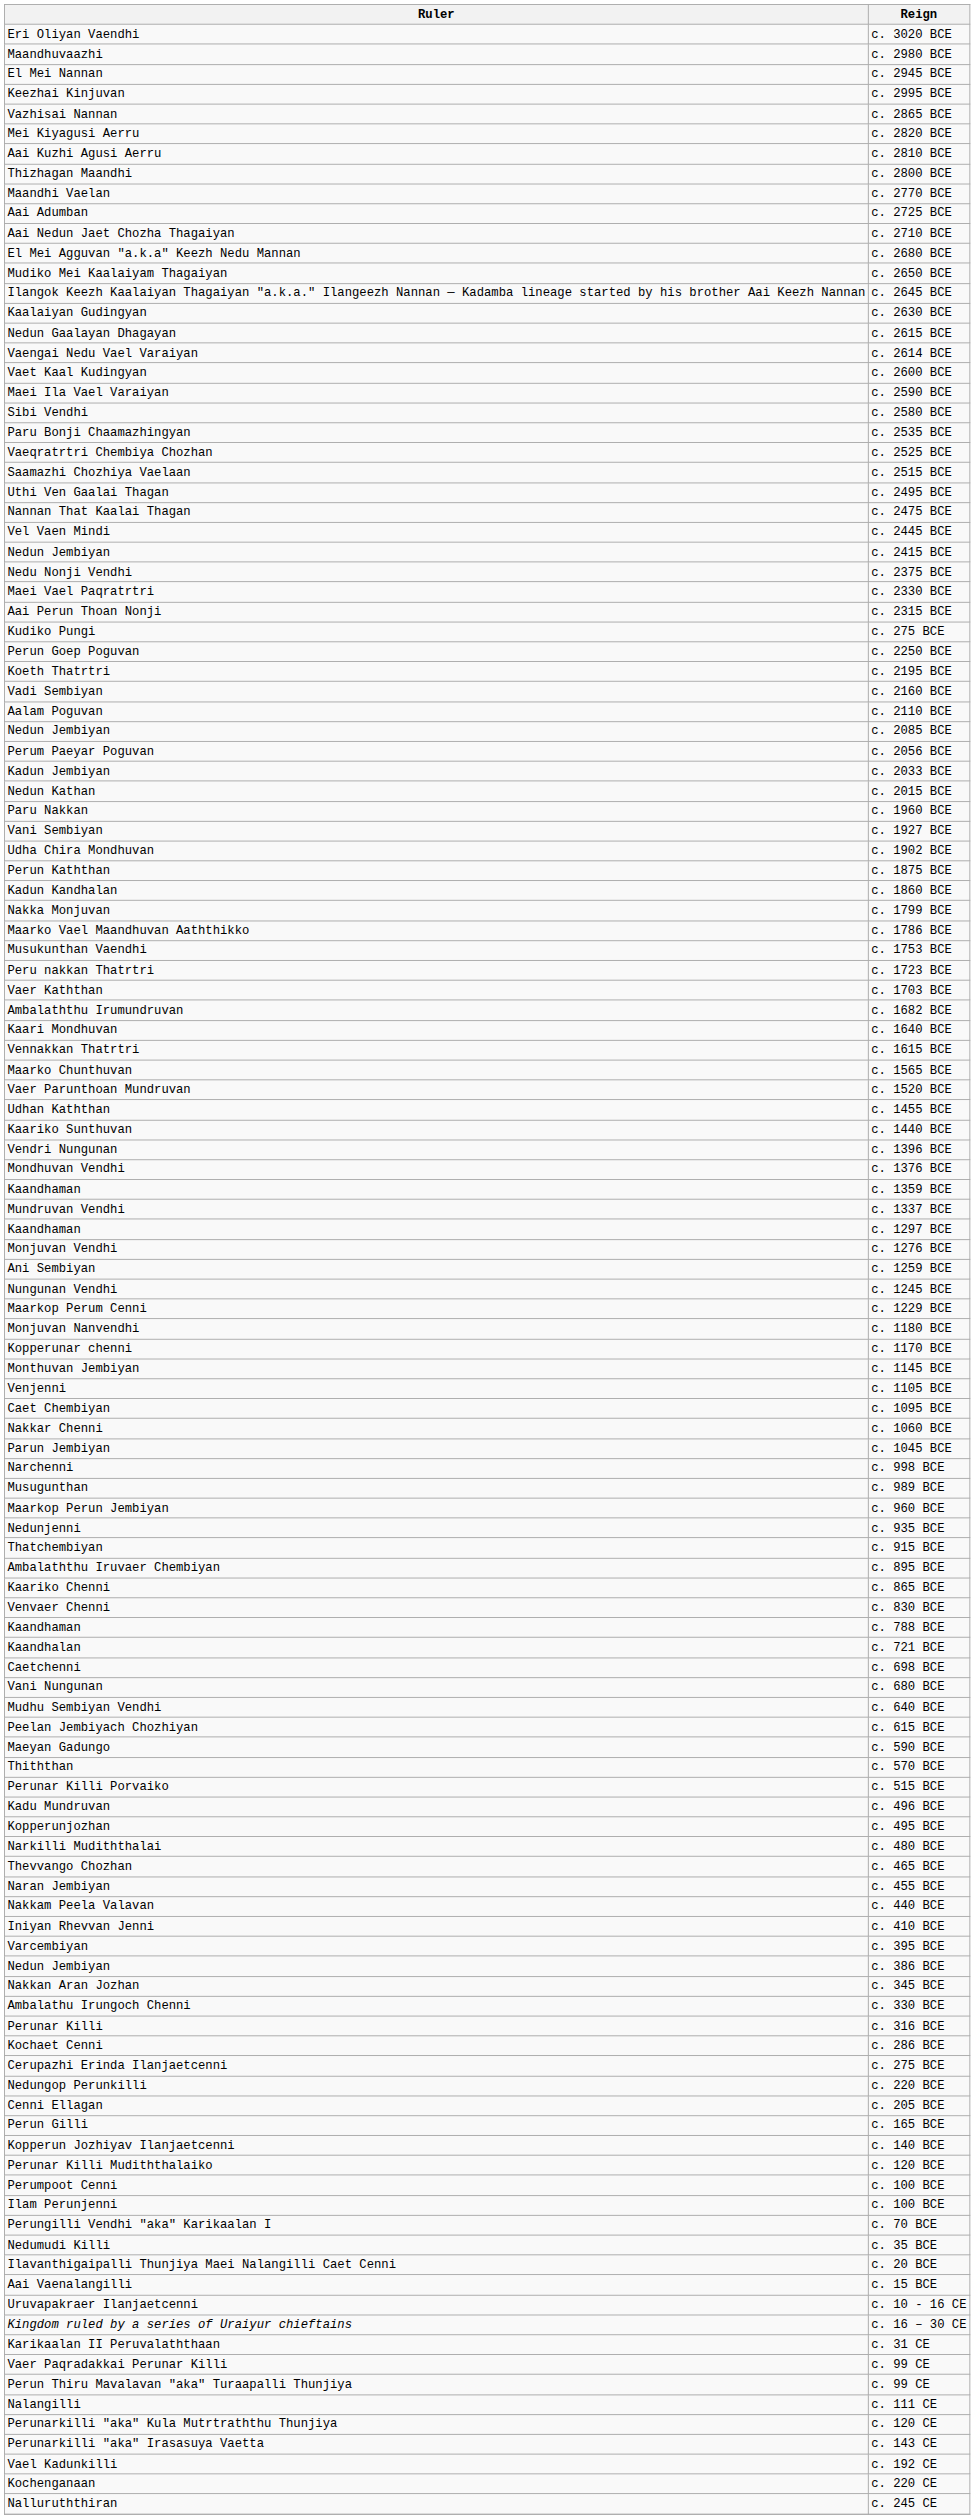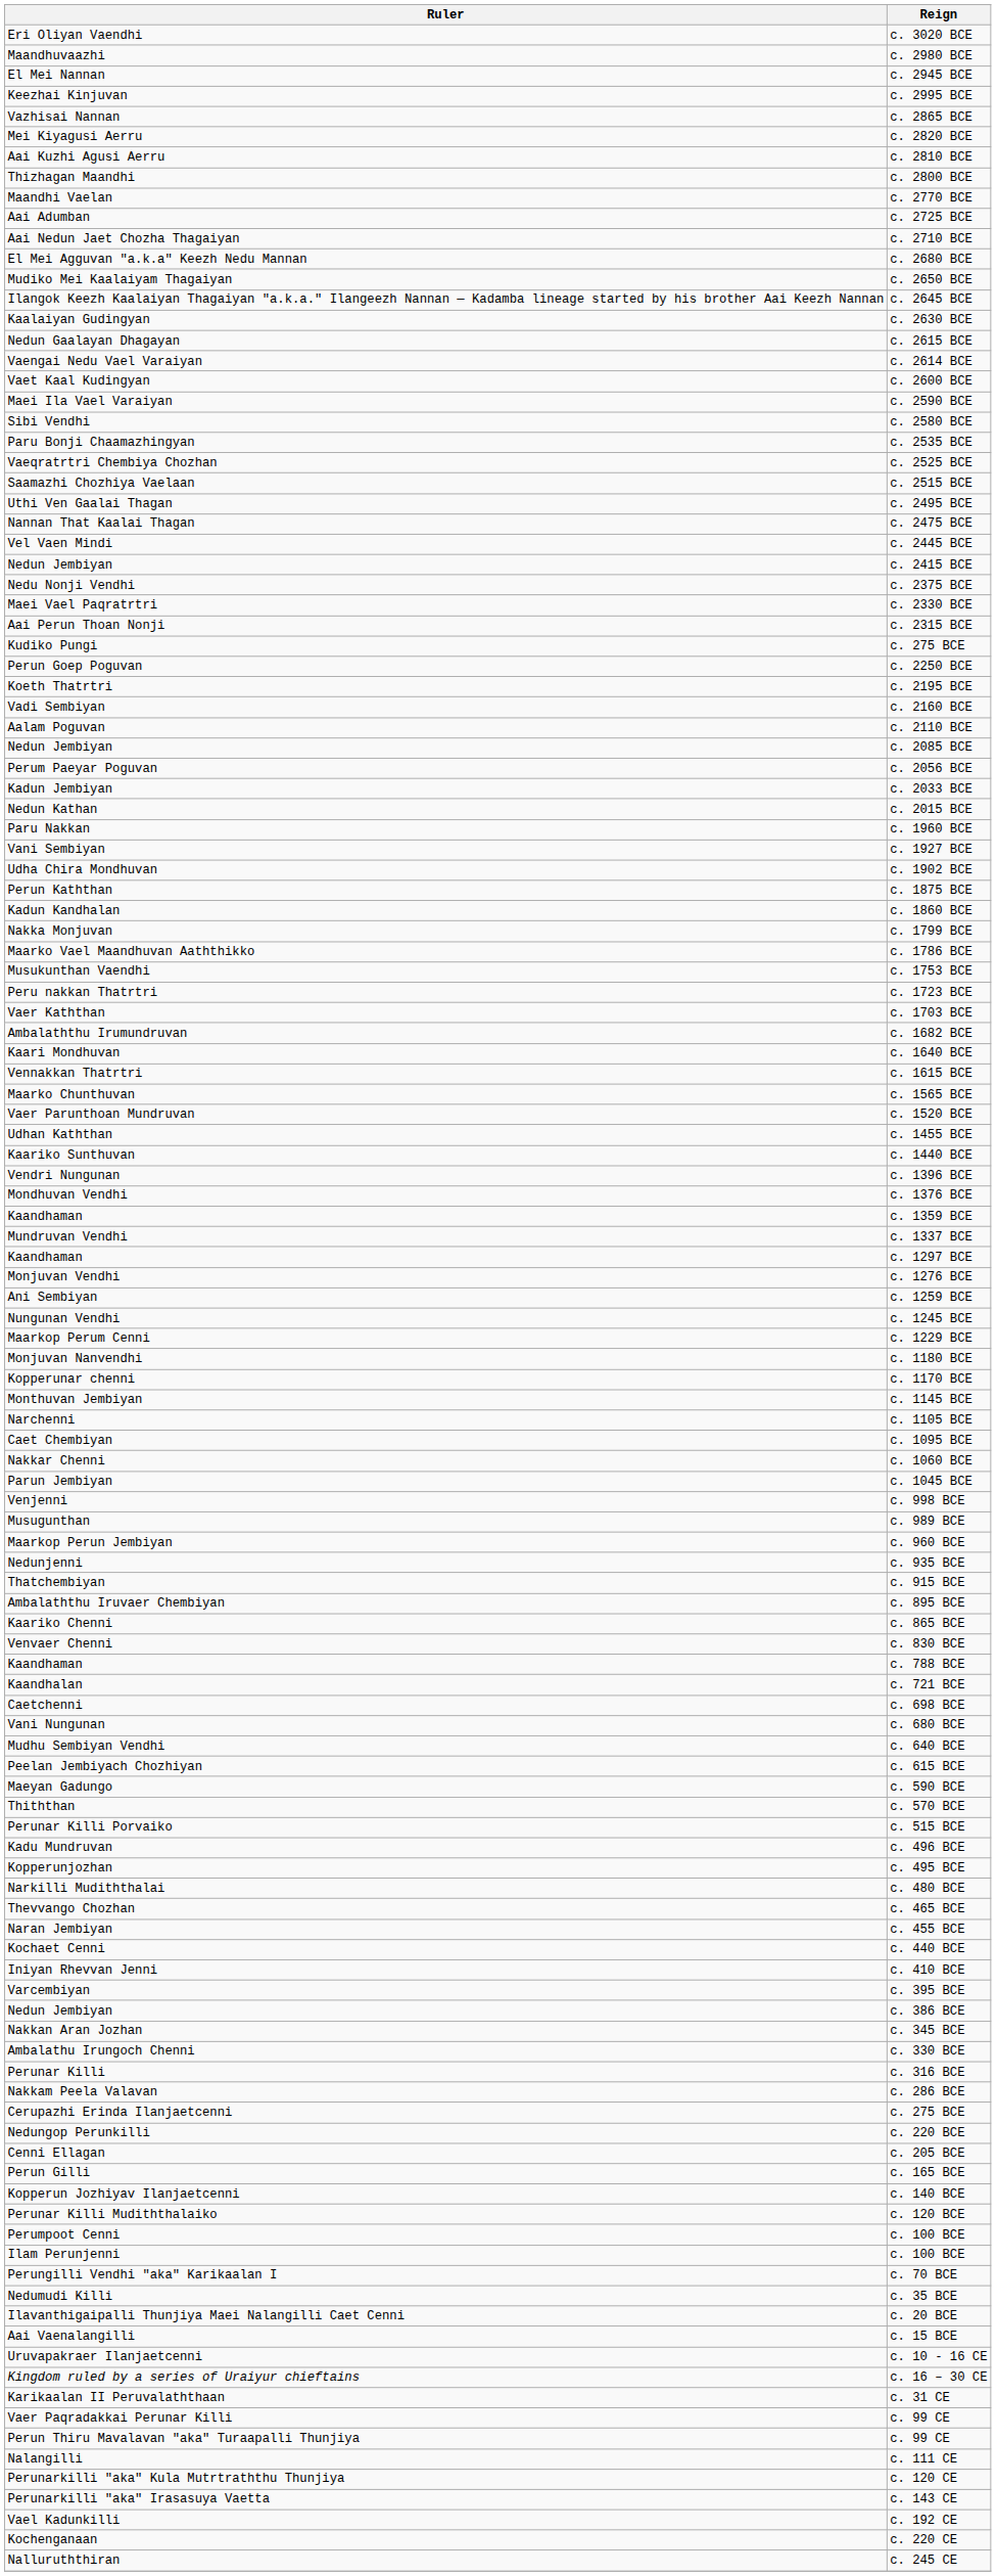 <table class="wikitable">
 <tr>
 <th>Ruler</th>
 <th>Reign</th>
 </tr>
 <tr>
 <td>Eri Oliyan Vaendhi</td>
 <td>c. 3020 BCE</td>
 </tr>
 <tr>
 <td>Maandhuvaazhi</td>
 <td>c. 2980 BCE</td>
 </tr>
 <tr>
 <td>El Mei Nannan</td>
 <td>c. 2945 BCE</td>
 </tr>
 <tr>
 <td>Keezhai Kinjuvan</td>
 <td>c. 2995 BCE</td>
 </tr>
 <tr>
 <td>Vazhisai Nannan</td>
 <td>c. 2865 BCE</td>
 </tr>
 <tr>
 <td>Mei Kiyagusi Aerru</td>
 <td>c. 2820 BCE</td>
 </tr>
 <tr>
 <td>Aai Kuzhi Agusi Aerru</td>
 <td>c. 2810 BCE</td>
 </tr>
 <tr>
 <td>Thizhagan Maandhi</td>
 <td>c. 2800 BCE</td>
 </tr>
 <tr>
 <td>Maandhi Vaelan</td>
 <td>c. 2770 BCE</td>
 </tr>
 <tr>
 <td>Aai Adumban</td>
 <td>c. 2725 BCE</td>
 </tr>
 <tr>
 <td>Aai Nedun Jaet Chozha Thagaiyan</td>
 <td>c. 2710 BCE</td>
 </tr>
 <tr>
 <td>El Mei Agguvan "a.k.a" Keezh Nedu Mannan</td>
 <td>c. 2680 BCE</td>
 </tr>
 <tr>
 <td>Mudiko Mei Kaalaiyam Thagaiyan</td>
 <td>c. 2650 BCE</td>
 </tr>
 <tr>
 <td>Ilangok Keezh Kaalaiyan Thagaiyan "a.k.a." Ilangeezh Nannan — Kadamba lineage started  by his brother Aai Keezh Nannan</td>
 <td>c. 2645 BCE</td>
 </tr>
 <tr>
 <td>Kaalaiyan Gudingyan</td>
 <td>c. 2630 BCE</td>
 </tr>
 <tr>
 <td>Nedun Gaalayan Dhagayan</td>
 <td>c. 2615 BCE</td>
 </tr>
 <tr>
 <td>Vaengai Nedu Vael Varaiyan</td>
 <td>c. 2614 BCE</td>
 </tr>
 <tr>
 <td>Vaet Kaal Kudingyan</td>
 <td>c. 2600 BCE</td>
 </tr>
 <tr>
 <td>Maei Ila Vael Varaiyan</td>
 <td>c. 2590 BCE</td>
 </tr>
 <tr>
 <td>Sibi Vendhi</td>
 <td>c. 2580 BCE</td>
 </tr>
 <tr>
 <td>Paru Bonji Chaamazhingyan</td>
 <td>c. 2535 BCE</td>
 </tr>
 <tr>
 <td>Vaeqratrtri Chembiya Chozhan</td>
 <td>c. 2525 BCE</td>
 </tr>
 <tr>
 <td>Saamazhi Chozhiya Vaelaan</td>
 <td>c. 2515 BCE</td>
 </tr>
 <tr>
 <td>Uthi Ven Gaalai Thagan</td>
 <td>c. 2495 BCE</td>
 </tr>
 <tr>
 <td>Nannan That Kaalai Thagan</td>
 <td>c. 2475 BCE</td>
 </tr>
 <tr>
 <td>Vel Vaen Mindi</td>
 <td>c. 2445 BCE</td>
 </tr>
 <tr>
 <td>Nedun Jembiyan</td>
 <td>c. 2415 BCE</td>
 </tr>
 <tr>
 <td>Nedu Nonji Vendhi</td>
 <td>c. 2375 BCE</td>
 </tr>
 <tr>
 <td>Maei Vael Paqratrtri</td>
 <td>c. 2330 BCE</td>
 </tr>
 <tr>
 <td>Aai Perun Thoan Nonji</td>
 <td>c. 2315 BCE</td>
 </tr>
 <tr>
 <td>Kudiko Pungi</td>
 <td>c. 275 BCE</td>
 </tr>
 <tr>
 <td>Perun Goep Poguvan</td>
 <td>c. 2250 BCE</td>
 </tr>
 <tr>
 <td>Koeth Thatrtri</td>
 <td>c. 2195 BCE</td>
 </tr>
 <tr>
 <td>Vadi Sembiyan</td>
 <td>c. 2160 BCE</td>
 </tr>
 <tr>
 <td>Aalam Poguvan</td>
 <td>c. 2110 BCE</td>
 </tr>
 <tr>
 <td>Nedun Jembiyan</td>
 <td>c. 2085 BCE</td>
 </tr>
 <tr>
 <td>Perum Paeyar Poguvan</td>
 <td>c. 2056 BCE</td>
 </tr>
 <tr>
 <td>Kadun Jembiyan</td>
 <td>c. 2033 BCE</td>
 </tr>
 <tr>
 <td>Nedun Kathan</td>
 <td>c. 2015 BCE</td>
 </tr>
 <tr>
 <td>Paru Nakkan</td>
 <td>c. 1960 BCE</td>
 </tr>
 <tr>
 <td>Vani Sembiyan</td>
 <td>c. 1927 BCE</td>
 </tr>
 <tr>
 <td>Udha Chira Mondhuvan</td>
 <td>c. 1902 BCE</td>
 </tr>
 <tr>
 <td>Perun Kaththan</td>
 <td>c. 1875 BCE</td>
 </tr>
 <tr>
 <td>Kadun Kandhalan</td>
 <td>c. 1860 BCE</td>
 </tr>
 <tr>
 <td>Nakka Monjuvan</td>
 <td>c. 1799 BCE</td>
 </tr>
 <tr>
 <td>Maarko Vael Maandhuvan Aaththikko</td>
 <td>c. 1786 BCE</td>
 </tr>
 <tr>
 <td>Musukunthan Vaendhi</td>
 <td>c. 1753 BCE</td>
 </tr>
 <tr>
 <td>Peru nakkan Thatrtri</td>
 <td>c. 1723 BCE</td>
 </tr>
 <tr>
 <td>Vaer Kaththan</td>
 <td>c. 1703 BCE</td>
 </tr>
 <tr>
 <td>Ambalaththu Irumundruvan</td>
 <td>c. 1682 BCE</td>
 </tr>
 <tr>
 <td>Kaari Mondhuvan</td>
 <td>c. 1640 BCE</td>
 </tr>
 <tr>
 <td>Vennakkan Thatrtri</td>
 <td>c. 1615 BCE</td>
 </tr>
 <tr>
 <td>Maarko Chunthuvan</td>
 <td>c. 1565 BCE</td>
 </tr>
 <tr>
 <td>Vaer Parunthoan Mundruvan</td>
 <td>c. 1520 BCE</td>
 </tr>
 <tr>
 <td>Udhan Kaththan</td>
 <td>c. 1455 BCE</td>
 </tr>
 <tr>
 <td>Kaariko Sunthuvan</td>
 <td>c. 1440 BCE</td>
 </tr>
 <tr>
 <td>Vendri Nungunan</td>
 <td>c. 1396 BCE</td>
 </tr>
 <tr>
 <td>Mondhuvan Vendhi</td>
 <td>c. 1376 BCE</td>
 </tr>
 <tr>
 <td>Kaandhaman</td>
 <td>c. 1359 BCE</td>
 </tr>
 <tr>
 <td>Mundruvan Vendhi</td>
 <td>c. 1337 BCE</td>
 </tr>
 <tr>
 <td>Kaandhaman</td>
 <td>c. 1297 BCE</td>
 </tr>
 <tr>
 <td>Monjuvan Vendhi</td>
 <td>c. 1276 BCE</td>
 </tr>
 <tr>
 <td>Ani Sembiyan</td>
 <td>c. 1259 BCE</td>
 </tr>
 <tr>
 <td>Nungunan Vendhi</td>
 <td>c. 1245 BCE</td>
 </tr>
 <tr>
 <td>Maarkop Perum Cenni</td>
 <td>c. 1229 BCE</td>
 </tr>
 <tr>
 <td>Monjuvan Nanvendhi</td>
 <td>c. 1180 BCE</td>
 </tr>
 <tr>
 <td>Kopperunar chenni</td>
 <td>c. 1170 BCE</td>
 </tr>
 <tr>
 <td>Monthuvan Jembiyan</td>
 <td>c. 1145 BCE</td>
 </tr>
 <tr>
-<td>Venjenni</td>
+<td>Narchenni</td>
 <td>c. 1105 BCE</td>
 </tr>
 <tr>
 <td>Caet Chembiyan</td>
 <td>c. 1095 BCE</td>
 </tr>
 <tr>
 <td>Nakkar Chenni</td>
 <td>c. 1060 BCE</td>
 </tr>
 <tr>
 <td>Parun Jembiyan</td>
 <td>c. 1045 BCE</td>
 </tr>
 <tr>
-<td>Narchenni</td>
+<td>Venjenni</td>
 <td>c. 998 BCE</td>
 </tr>
 <tr>
 <td>Musugunthan</td>
 <td>c. 989 BCE</td>
 </tr>
 <tr>
 <td>Maarkop Perun Jembiyan</td>
 <td>c. 960 BCE</td>
 </tr>
 <tr>
 <td>Nedunjenni</td>
 <td>c. 935 BCE</td>
 </tr>
 <tr>
 <td>Thatchembiyan</td>
 <td>c. 915 BCE</td>
 </tr>
 <tr>
 <td>Ambalaththu Iruvaer Chembiyan</td>
 <td>c. 895 BCE</td>
 </tr>
 <tr>
 <td>Kaariko Chenni</td>
 <td>c. 865 BCE</td>
 </tr>
 <tr>
 <td>Venvaer Chenni</td>
 <td>c. 830 BCE</td>
 </tr>
 <tr>
 <td>Kaandhaman</td>
 <td>c. 788 BCE</td>
 </tr>
 <tr>
 <td>Kaandhalan</td>
 <td>c. 721 BCE</td>
 </tr>
 <tr>
 <td>Caetchenni</td>
 <td>c. 698 BCE</td>
 </tr>
 <tr>
 <td>Vani Nungunan</td>
 <td>c. 680 BCE</td>
 </tr>
 <tr>
 <td>Mudhu Sembiyan Vendhi</td>
 <td>c. 640 BCE</td>
 </tr>
 <tr>
 <td>Peelan Jembiyach Chozhiyan</td>
 <td>c. 615 BCE</td>
 </tr>
 <tr>
 <td>Maeyan Gadungo</td>
 <td>c. 590 BCE</td>
 </tr>
 <tr>
 <td>Thiththan</td>
 <td>c. 570 BCE</td>
 </tr>
 <tr>
 <td>Perunar Killi Porvaiko</td>
 <td>c. 515 BCE</td>
 </tr>
 <tr>
 <td>Kadu Mundruvan</td>
 <td>c. 496 BCE</td>
 </tr>
 <tr>
 <td>Kopperunjozhan</td>
 <td>c. 495 BCE</td>
 </tr>
 <tr>
 <td>Narkilli Mudiththalai</td>
 <td>c. 480 BCE</td>
 </tr>
 <tr>
 <td>Thevvango Chozhan</td>
 <td>c. 465 BCE</td>
 </tr>
 <tr>
 <td>Naran Jembiyan</td>
 <td>c. 455 BCE</td>
 </tr>
 <tr>
-<td>Nakkam Peela Valavan</td>
+<td>Kochaet Cenni</td>
 <td>c. 440 BCE</td>
 </tr>
 <tr>
 <td>Iniyan Rhevvan Jenni</td>
 <td>c. 410 BCE</td>
 </tr>
 <tr>
 <td>Varcembiyan</td>
 <td>c. 395 BCE</td>
 </tr>
 <tr>
 <td>Nedun Jembiyan</td>
 <td>c. 386 BCE</td>
 </tr>
 <tr>
 <td>Nakkan Aran Jozhan</td>
 <td>c. 345 BCE</td>
 </tr>
 <tr>
 <td>Ambalathu Irungoch Chenni</td>
 <td>c. 330 BCE</td>
 </tr>
 <tr>
 <td>Perunar Killi</td>
 <td>c. 316 BCE</td>
 </tr>
 <tr>
-<td>Kochaet Cenni</td>
+<td>Nakkam Peela Valavan</td>
 <td>c. 286 BCE</td>
 </tr>
 <tr>
 <td>Cerupazhi Erinda Ilanjaetcenni</td>
 <td>c. 275 BCE</td>
 </tr>
 <tr>
 <td>Nedungop Perunkilli</td>
 <td>c. 220 BCE</td>
 </tr>
 <tr>
 <td>Cenni Ellagan</td>
 <td>c. 205 BCE</td>
 </tr>
 <tr>
 <td>Perun Gilli</td>
 <td>c. 165 BCE</td>
 </tr>
 <tr>
 <td>Kopperun Jozhiyav Ilanjaetcenni</td>
 <td>c. 140 BCE</td>
 </tr>
 <tr>
 <td>Perunar Killi Mudiththalaiko</td>
 <td>c. 120 BCE</td>
 </tr>
 <tr>
 <td>Perumpoot Cenni</td>
 <td>c. 100 BCE</td>
 </tr>
 <tr>
 <td>Ilam Perunjenni</td>
 <td>c. 100 BCE</td>
 </tr>
 <tr>
 <td>Perungilli Vendhi "aka" Karikaalan I</td>
 <td>c. 70 BCE</td>
 </tr>
 <tr>
 <td>Nedumudi Killi</td>
 <td>c. 35 BCE</td>
 </tr>
 <tr>
 <td>Ilavanthigaipalli Thunjiya Maei Nalangilli Caet Cenni</td>
 <td>c. 20 BCE</td>
 </tr>
 <tr>
 <td>Aai Vaenalangilli</td>
 <td>c. 15 BCE</td>
 </tr>
 <tr>
 <td>Uruvapakraer Ilanjaetcenni</td>
 <td>c. 10 - 16 CE</td>
 </tr>
 <tr>
 <td><em>Kingdom ruled by a series of Uraiyur chieftains</em></td>
 <td>c. 16 – 30 CE</td>
 </tr>
 <tr>
 <td>Karikaalan II Peruvalaththaan</td>
 <td>c. 31 CE</td>
 </tr>
 <tr>
 <td>Vaer Paqradakkai Perunar Killi</td>
 <td>c. 99 CE</td>
 </tr>
 <tr>
 <td>Perun Thiru Mavalavan "aka" Turaapalli Thunjiya</td>
 <td>c. 99 CE</td>
 </tr>
 <tr>
 <td>Nalangilli</td>
 <td>c. 111 CE</td>
 </tr>
 <tr>
 <td>Perunarkilli "aka"  Kula Mutrtraththu Thunjiya</td>
 <td>c. 120 CE</td>
 </tr>
 <tr>
 <td>Perunarkilli "aka"  Irasasuya Vaetta</td>
 <td>c. 143 CE</td>
 </tr>
 <tr>
 <td>Vael Kadunkilli</td>
 <td>c. 192 CE</td>
 </tr>
 <tr>
 <td>Kochenganaan</td>
 <td>c. 220 CE</td>
 </tr>
 <tr>
 <td>Nalluruththiran</td>
 <td>c. 245 CE</td>
 </tr>
 <tr>
 </tr>
 </table>
